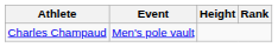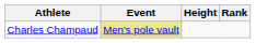 <table class="wikitable" style="font-size:90%">
 <tr>
 <th scope="col">Athlete</th>
 <th scope="col">Event</th>
 <th scope="col">Height</th>
 <th scope="col">Rank</th>
 </tr>
 <tr>
 <td align="left" scope="row"><a href='#'>Charles Champaud</a></td>
-<td><a href='#'>Men's pole vault</a></td>
+<td style="background: khaki;"><a href='#'>Men's pole vault</a></td>
 <td colspan="2"></td>
 </tr>
 </table>
